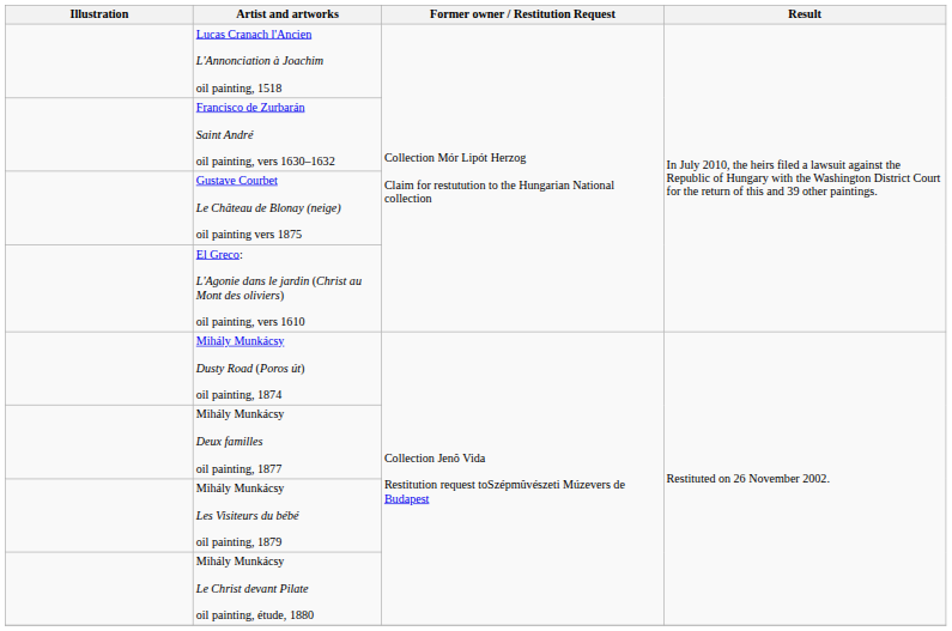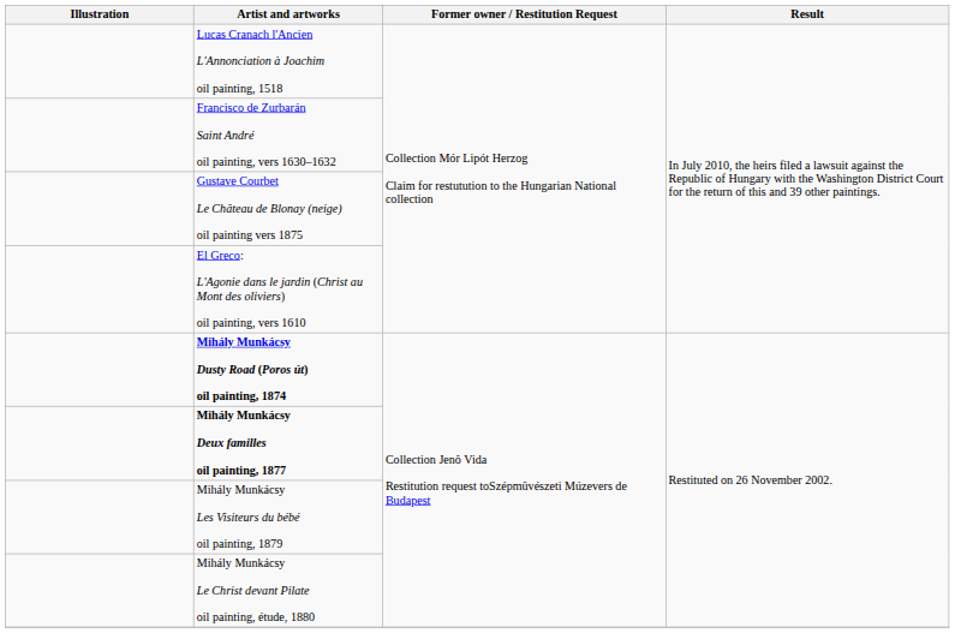 <table class="wikitable alternance centre">
 <tr>
 <th class="unsortable" width="20">Illustration</th>
 <th width="20%">Artist and artworks</th>
 <th width="30%">Former owner / Restitution Request</th>
 <th width="30%">Result</th>
 </tr>
 <tr>
 <td></td>
 <td><a href='#'>Lucas Cranach l'Ancien</a><br><br><em>L'Annonciation à Joachim</em><br><br>oil painting, 1518</td>
 <td rowspan="4">Collection Mór Lipót Herzog<br><br>Claim for restutution to the Hungarian National collection</td>
 <td rowspan="4">In July 2010, the heirs filed a lawsuit against the Republic of Hungary with the Washington District Court for the return of this and 39 other paintings.</td>
 </tr>
 <tr>
 <td></td>
 <td><a href='#'>Francisco de Zurbarán</a><br><br><em>Saint André</em><br><br>oil painting, vers 1630–1632</td>
 </tr>
 <tr>
 <td></td>
 <td><a href='#'>Gustave Courbet</a><br><br><em>Le Château de Blonay (neige)</em><br><br>oil painting vers 1875</td>
 </tr>
 <tr>
 <td></td>
 <td><a href='#'>El Greco</a>:<br><br><em>L'Agonie dans le jardin</em> (<em>Christ au Mont des oliviers</em>)<br><br>oil painting, vers 1610</td>
 </tr>
 <tr>
 <td></td>
-<td><a href='#'>Mihály Munkácsy</a><br><br><em>Dusty Road</em> (<em>Poros út</em>)<br><br>oil painting, 1874</td>
+<td><strong><a href='#'>Mihály Munkácsy</a><br><br><em>Dusty Road</em> (<em>Poros út</em>)<br><br>oil painting, 1874</strong></td>
 <td rowspan="4">Collection Jenô Vida<br><br>Restitution request toSzépmûvészeti Múzevers de <a href='#'>Budapest</a></td>
 <td rowspan="4">Restituted on 26 November 2002.</td>
 </tr>
 <tr>
 <td></td>
-<td>Mihály Munkácsy<br><br><em>Deux familles</em> <br><br>oil painting, 1877</td>
+<td><strong>Mihály Munkácsy<br><br><em>Deux familles</em> <br><br>oil painting, 1877</strong></td>
 </tr>
 <tr>
 <td></td>
 <td>Mihály Munkácsy<br><br><em>Les Visiteurs du bébé</em> <br><br>oil painting, 1879</td>
 </tr>
 <tr>
 <td></td>
 <td>Mihály Munkácsy<br><br><em>Le Christ devant Pilate</em> <br><br>oil painting, étude, 1880</td>
 </tr>
 <tr>
 </tr>
 </table>
